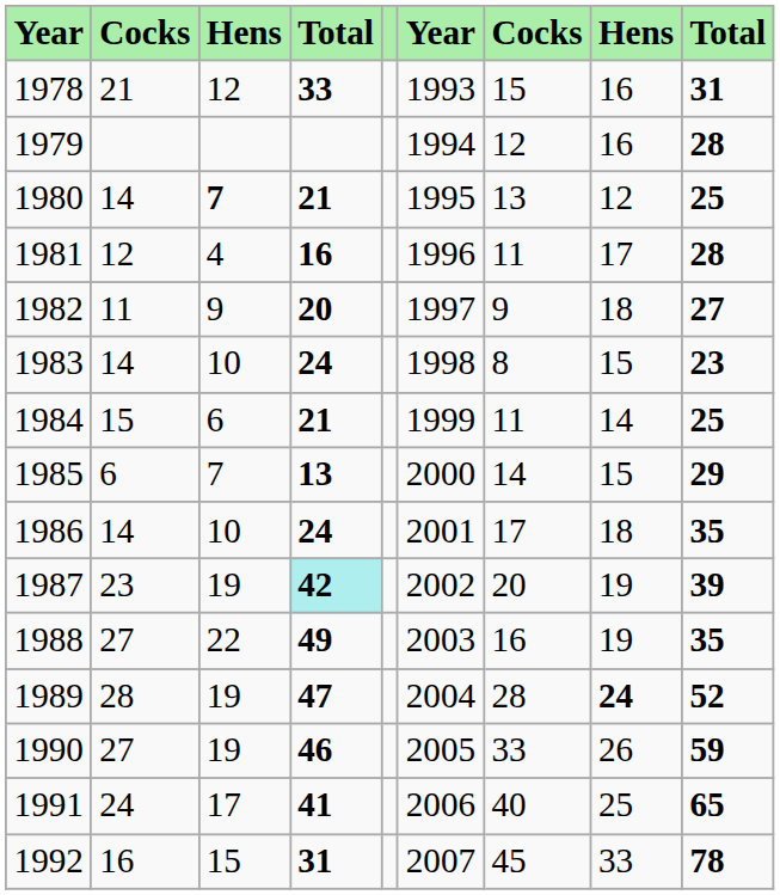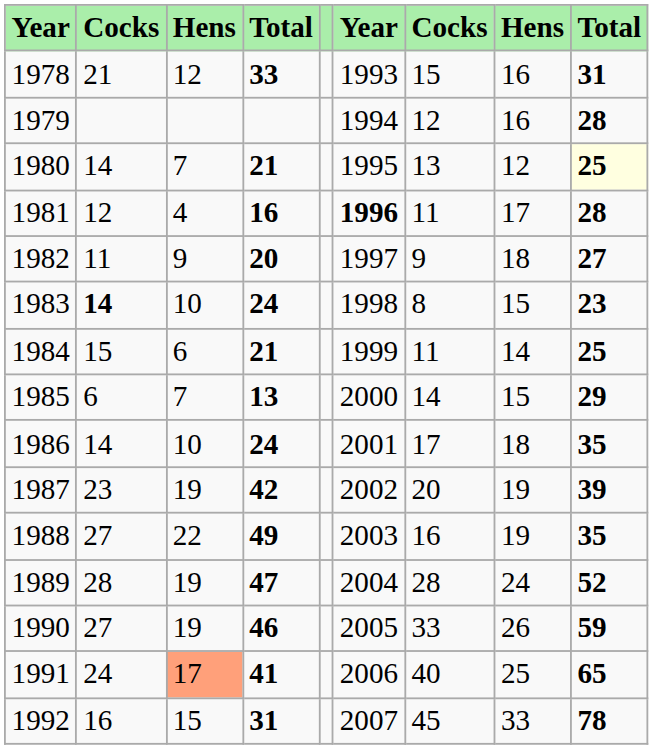 <table class="wikitable">
 <tr class="hintergrundfarbe9">
 <th style="background: #AAEEAA;">Year</th>
 <th style="background: #AAEEAA;">Cocks</th>
 <th style="background: #AAEEAA;">Hens</th>
 <th style="background: #AAEEAA;">Total</th>
 <th style="background: #AAEEAA;"></th>
 <th style="background: #AAEEAA;">Year</th>
 <th style="background: #AAEEAA;">Cocks</th>
 <th style="background: #AAEEAA;">Hens</th>
 <th style="background: #AAEEAA;">Total</th>
 </tr>
 <tr>
 <td>1978</td>
 <td>21</td>
 <td>12</td>
 <td><strong>33</strong></td>
 <td></td>
 <td>1993</td>
 <td>15</td>
 <td>16</td>
 <td><strong>31</strong></td>
 </tr>
 <tr>
 <td>1979</td>
 <td></td>
 <td></td>
 <td></td>
 <td></td>
 <td>1994</td>
 <td>12</td>
 <td>16</td>
 <td><strong>28</strong></td>
 </tr>
 <tr>
 <td>1980</td>
 <td>14</td>
-<td><strong>7</strong></td>
+<td>7</td>
 <td><strong>21</strong></td>
 <td></td>
 <td>1995</td>
 <td>13</td>
 <td>12</td>
-<td><strong>25</strong></td>
+<td style="background: lightyellow;"><strong>25</strong></td>
 </tr>
 <tr>
 <td>1981</td>
 <td>12</td>
 <td>4</td>
 <td><strong>16</strong></td>
 <td></td>
-<td>1996</td>
+<td><strong>1996</strong></td>
 <td>11</td>
 <td>17</td>
 <td><strong>28</strong></td>
 </tr>
 <tr>
 <td>1982</td>
 <td>11</td>
 <td>9</td>
 <td><strong>20</strong></td>
 <td></td>
 <td>1997</td>
 <td>9</td>
 <td>18</td>
 <td><strong>27</strong></td>
 </tr>
 <tr>
 <td>1983</td>
-<td>14</td>
+<td><strong>14</strong></td>
 <td>10</td>
 <td><strong>24</strong></td>
 <td></td>
 <td>1998</td>
 <td>8</td>
 <td>15</td>
 <td><strong>23</strong></td>
 </tr>
 <tr>
 <td>1984</td>
 <td>15</td>
 <td>6</td>
 <td><strong>21</strong></td>
 <td></td>
 <td>1999</td>
 <td>11</td>
 <td>14</td>
 <td><strong>25</strong></td>
 </tr>
 <tr>
 <td>1985</td>
 <td>6</td>
 <td>7</td>
 <td><strong>13</strong></td>
 <td></td>
 <td>2000</td>
 <td>14</td>
 <td>15</td>
 <td><strong>29</strong></td>
 </tr>
 <tr>
 <td>1986</td>
 <td>14</td>
 <td>10</td>
 <td><strong>24</strong></td>
 <td></td>
 <td>2001</td>
 <td>17</td>
 <td>18</td>
 <td><strong>35</strong></td>
 </tr>
 <tr>
 <td>1987</td>
 <td>23</td>
 <td>19</td>
-<td style="background: paleturquoise;"><strong>42</strong></td>
+<td><strong>42</strong></td>
 <td></td>
 <td>2002</td>
 <td>20</td>
 <td>19</td>
 <td><strong>39</strong></td>
 </tr>
 <tr>
 <td>1988</td>
 <td>27</td>
 <td>22</td>
 <td><strong>49</strong></td>
 <td></td>
 <td>2003</td>
 <td>16</td>
 <td>19</td>
 <td><strong>35</strong></td>
 </tr>
 <tr>
 <td>1989</td>
 <td>28</td>
 <td>19</td>
 <td><strong>47</strong></td>
 <td></td>
 <td>2004</td>
 <td>28</td>
-<td><strong>24</strong></td>
+<td>24</td>
 <td><strong>52</strong></td>
 </tr>
 <tr>
 <td>1990</td>
 <td>27</td>
 <td>19</td>
 <td><strong>46</strong></td>
 <td></td>
 <td>2005</td>
 <td>33</td>
 <td>26</td>
 <td><strong>59</strong></td>
 </tr>
 <tr>
 <td>1991</td>
 <td>24</td>
-<td>17</td>
+<td style="background: lightsalmon;">17</td>
 <td><strong>41</strong></td>
 <td></td>
 <td>2006</td>
 <td>40</td>
 <td>25</td>
 <td><strong>65</strong></td>
 </tr>
 <tr>
 <td>1992</td>
 <td>16</td>
 <td>15</td>
 <td><strong>31</strong></td>
 <td></td>
 <td>2007</td>
 <td>45</td>
 <td>33</td>
 <td><strong>78</strong></td>
 </tr>
 </table>
